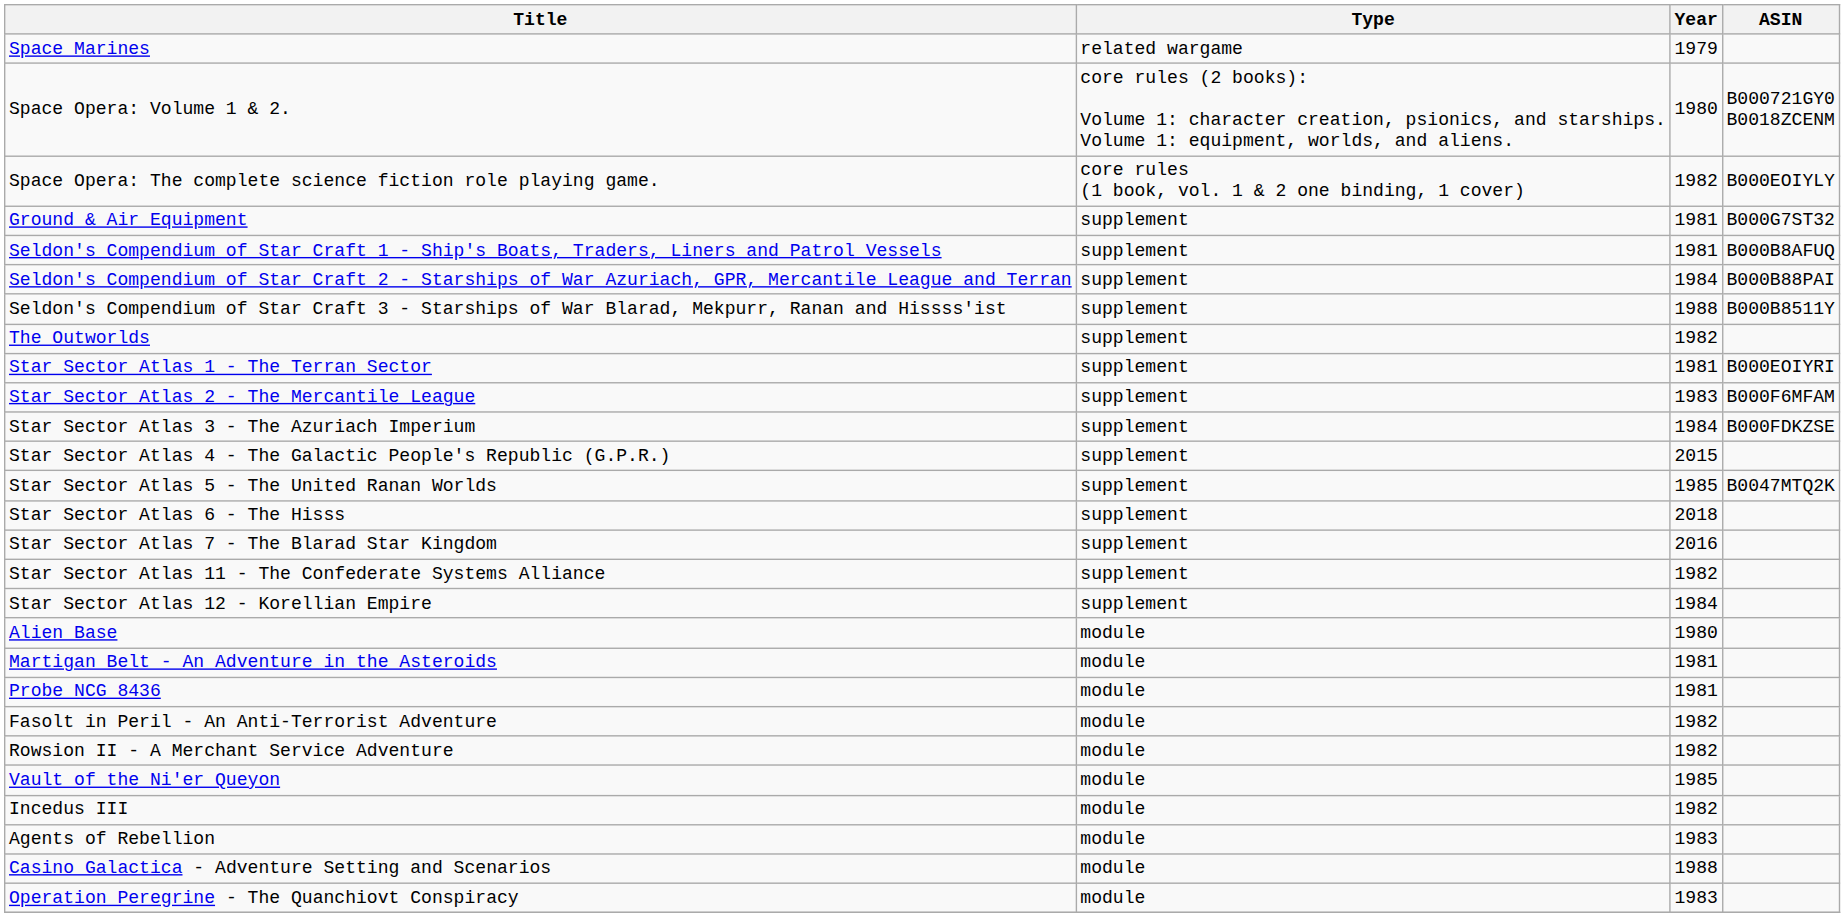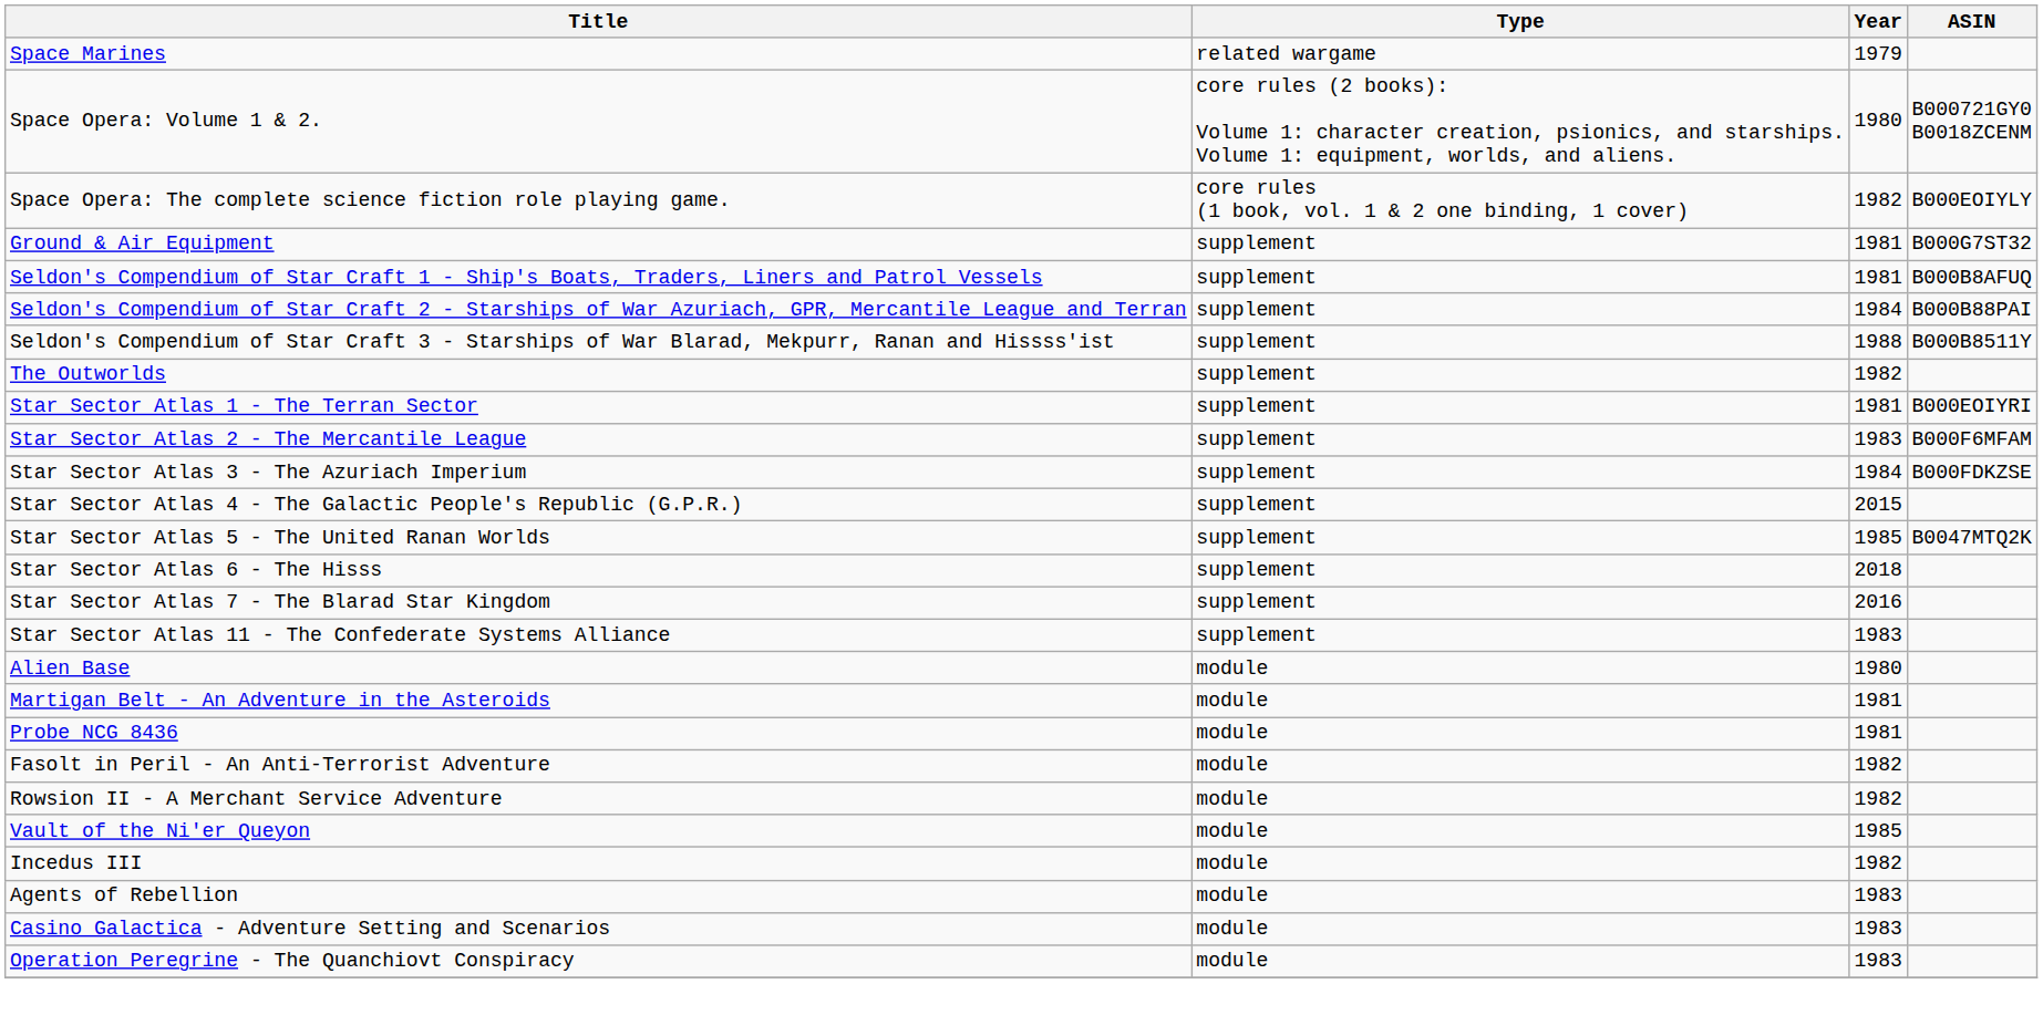 <table class="wikitable">
 <tr>
 <th>Title</th>
 <th>Type</th>
 <th>Year</th>
 <th>ASIN</th>
 </tr>
 <tr>
 <td><a href='#'>Space Marines</a></td>
 <td>related wargame</td>
 <td>1979</td>
 <td></td>
 </tr>
 <tr>
 <td>Space Opera: Volume 1 & 2.</td>
 <td>core rules (2 books): <br><br>Volume 1: character creation, psionics, and starships. <br> Volume 1: equipment, worlds, and aliens. <br></td>
 <td>1980</td>
 <td>B000721GY0 <br> B0018ZCENM</td>
 </tr>
 <tr>
 <td>Space Opera: The complete science fiction role playing game.</td>
 <td>core rules <br> (1 book, vol. 1 & 2 one binding, 1 cover)</td>
 <td>1982</td>
 <td>B000EOIYLY</td>
 </tr>
 <tr>
 <td><a href='#'>Ground & Air Equipment</a></td>
 <td>supplement</td>
 <td>1981</td>
 <td>B000G7ST32</td>
 </tr>
 <tr>
 <td><a href='#'>Seldon's Compendium of Star Craft 1 - Ship's Boats, Traders, Liners and Patrol Vessels</a></td>
 <td>supplement</td>
 <td>1981</td>
 <td>B000B8AFUQ</td>
 </tr>
 <tr>
 <td><a href='#'>Seldon's Compendium of Star Craft 2 - Starships of War Azuriach, GPR, Mercantile League and Terran</a></td>
 <td>supplement</td>
 <td>1984</td>
 <td>B000B88PAI</td>
 </tr>
 <tr>
 <td>Seldon's Compendium of Star Craft 3 - Starships of War Blarad, Mekpurr, Ranan and Hissss'ist</td>
 <td>supplement</td>
 <td>1988</td>
 <td>B000B8511Y</td>
 </tr>
 <tr>
 <td><a href='#'>The Outworlds</a></td>
 <td>supplement</td>
 <td>1982</td>
 <td></td>
 </tr>
 <tr>
 <td><a href='#'>Star Sector Atlas 1 - The Terran Sector</a></td>
 <td>supplement</td>
 <td>1981</td>
 <td>B000EOIYRI</td>
 </tr>
 <tr>
 <td><a href='#'>Star Sector Atlas 2 - The Mercantile League</a></td>
 <td>supplement</td>
 <td>1983</td>
 <td>B000F6MFAM</td>
 </tr>
 <tr>
 <td>Star Sector Atlas 3 - The Azuriach Imperium</td>
 <td>supplement</td>
 <td>1984</td>
 <td>B000FDKZSE</td>
 </tr>
 <tr>
 <td>Star Sector Atlas 4 - The Galactic People's Republic (G.P.R.)</td>
 <td>supplement</td>
 <td>2015</td>
 <td></td>
 </tr>
 <tr>
 <td>Star Sector Atlas 5 - The United Ranan Worlds</td>
 <td>supplement</td>
 <td>1985</td>
 <td>B0047MTQ2K</td>
 </tr>
 <tr>
 <td>Star Sector Atlas 6 - The Hisss</td>
 <td>supplement</td>
 <td>2018</td>
 <td></td>
 </tr>
 <tr>
 <td>Star Sector Atlas 7 - The Blarad Star Kingdom</td>
 <td>supplement</td>
 <td>2016</td>
 <td></td>
 </tr>
 <tr>
 <td>Star Sector Atlas 11 - The Confederate Systems Alliance</td>
 <td>supplement</td>
-<td>1982</td>
-<td></td>
-</tr>
-<tr>
-<td>Star Sector Atlas 12 - Korellian Empire</td>
-<td>supplement</td>
-<td>1984</td>
+<td>1983</td>
 <td></td>
 </tr>
 <tr>
 <td><a href='#'>Alien Base</a></td>
 <td>module</td>
 <td>1980</td>
 <td></td>
 </tr>
 <tr>
 <td><a href='#'>Martigan Belt - An Adventure in the Asteroids</a></td>
 <td>module</td>
 <td>1981</td>
 <td></td>
 </tr>
 <tr>
 <td><a href='#'>Probe NCG 8436</a></td>
 <td>module</td>
 <td>1981</td>
 <td></td>
 </tr>
 <tr>
 <td>Fasolt in Peril - An Anti-Terrorist Adventure</td>
 <td>module</td>
 <td>1982</td>
 <td></td>
 </tr>
 <tr>
 <td>Rowsion II - A Merchant Service Adventure</td>
 <td>module</td>
 <td>1982</td>
 <td></td>
 </tr>
 <tr>
 <td><a href='#'>Vault of the Ni'er Queyon</a></td>
 <td>module</td>
 <td>1985</td>
 <td></td>
 </tr>
 <tr>
 <td>Incedus III</td>
 <td>module</td>
 <td>1982</td>
 <td></td>
 </tr>
 <tr>
 <td>Agents of Rebellion</td>
 <td>module</td>
 <td>1983</td>
 <td></td>
 </tr>
 <tr>
 <td><a href='#'>Casino Galactica</a> - Adventure Setting and Scenarios</td>
 <td>module</td>
-<td>1988</td>
+<td>1983</td>
 <td></td>
 </tr>
 <tr>
 <td><a href='#'>Operation Peregrine</a> - The Quanchiovt Conspiracy</td>
 <td>module</td>
 <td>1983</td>
 <td></td>
 </tr>
 <tr>
 </tr>
 </table>
